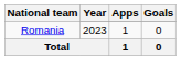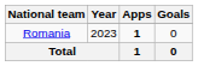 <table class="wikitable" style="text-align: center;">
 <tr>
 <th>National team</th>
 <th>Year</th>
 <th>Apps</th>
 <th>Goals</th>
 </tr>
 <tr>
 <td rowspan="2"><a href='#'>Romania</a></td>
 </tr>
 <tr>
 <td>2023</td>
-<td>1</td>
+<td><strong>1</strong></td>
 <td>0</td>
 </tr>
 <tr>
 <th colspan=2>Total</th>
 <th>1</th>
 <th>0</th>
 </tr>
 </table>
